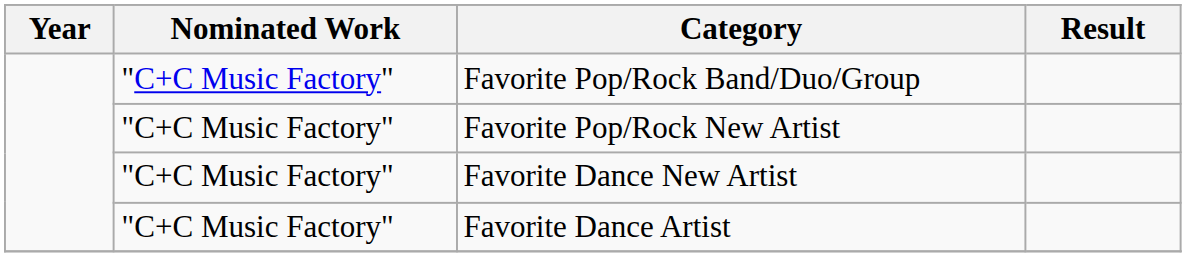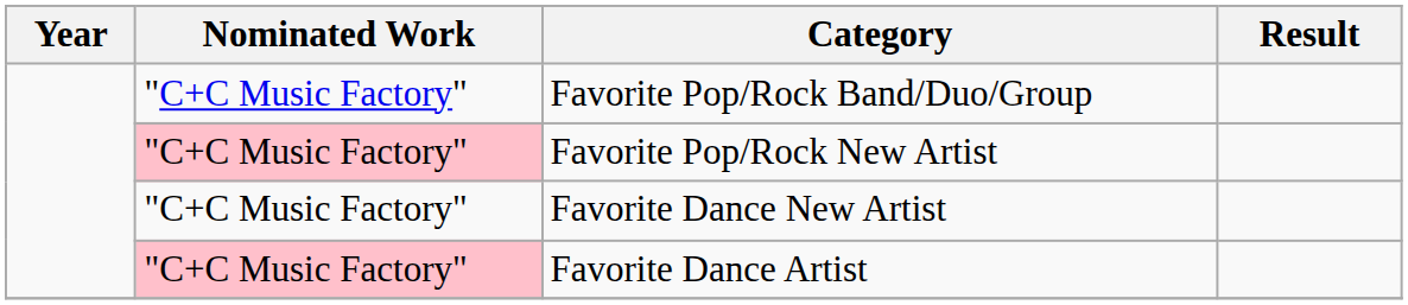 <table class="wikitable" width="48%">
 <tr>
 <th width="3%">Year</th>
 <th width="15%">Nominated Work</th>
 <th width="25%">Category</th>
 <th width="5%">Result</th>
 </tr>
 <tr>
 <td rowspan="4"></td>
 <td>"<a href='#'>C+C Music Factory</a>"</td>
 <td>Favorite Pop/Rock Band/Duo/Group</td>
 <td></td>
 </tr>
 <tr>
-<td>"C+C Music Factory"</td>
+<td style="background: pink;">"C+C Music Factory"</td>
 <td>Favorite Pop/Rock New Artist</td>
 <td></td>
 </tr>
 <tr>
 <td>"C+C Music Factory"</td>
 <td>Favorite Dance New Artist</td>
 <td></td>
 </tr>
 <tr>
-<td>"C+C Music Factory"</td>
+<td style="background: pink;">"C+C Music Factory"</td>
 <td>Favorite Dance Artist</td>
 <td></td>
 </tr>
 <tr>
 </tr>
 </table>
